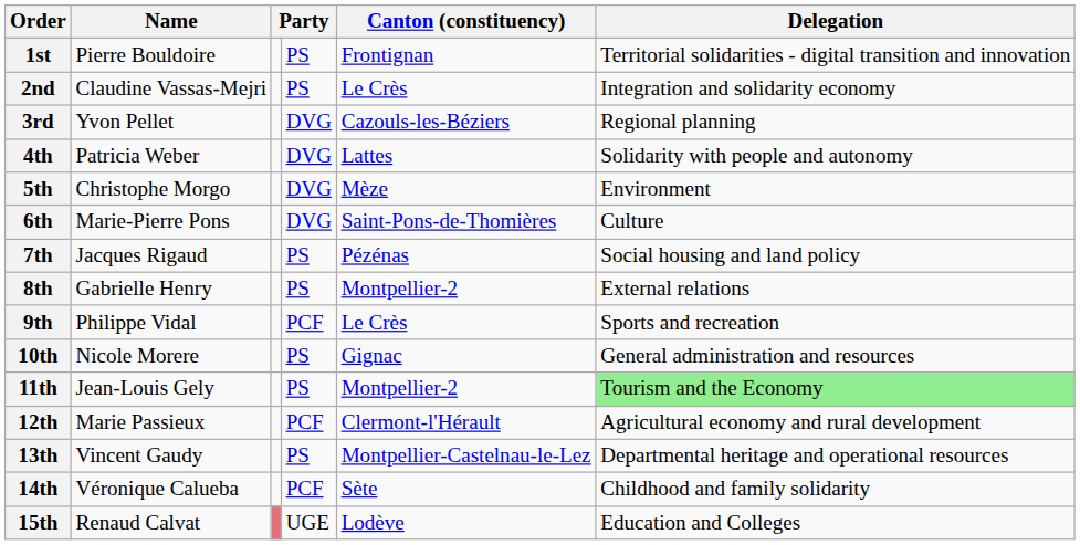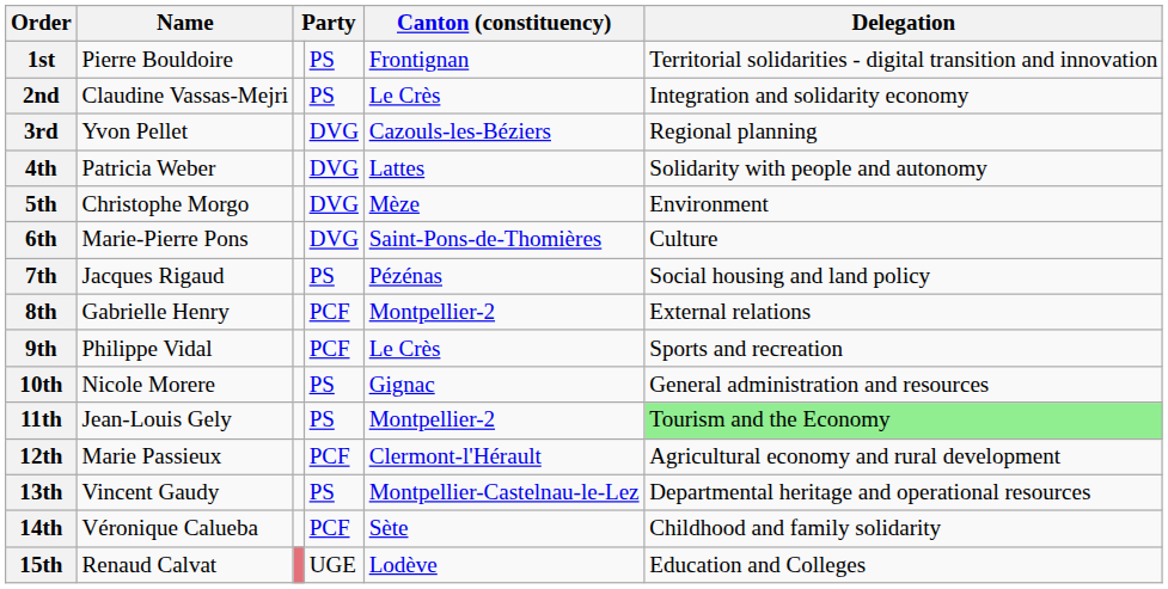 <table class="wikitable sortable">
 <tr>
 <th>Order</th>
 <th>Name</th>
 <th colspan="2">Party</th>
 <th><a href='#'>Canton</a> (constituency)</th>
 <th>Delegation</th>
 </tr>
 <tr>
 <th>1st</th>
 <td>Pierre Bouldoire</td>
 <td style="color:inherit;background:"></td>
 <td><a href='#'>PS</a></td>
 <td><a href='#'>Frontignan</a></td>
 <td>Territorial solidarities - digital transition and innovation</td>
 </tr>
 <tr>
 <th>2nd</th>
 <td>Claudine Vassas-Mejri</td>
 <td style="color:inherit;background:"></td>
 <td><a href='#'>PS</a></td>
 <td><a href='#'>Le Crès</a></td>
 <td>Integration and solidarity economy</td>
 </tr>
 <tr>
 <th>3rd</th>
 <td>Yvon Pellet</td>
 <td style="color:inherit;background:"></td>
 <td><a href='#'>DVG</a></td>
 <td><a href='#'>Cazouls-les-Béziers</a></td>
 <td>Regional planning</td>
 </tr>
 <tr>
 <th>4th</th>
 <td>Patricia Weber</td>
 <td style="color:inherit;background:"></td>
 <td><a href='#'>DVG</a></td>
 <td><a href='#'>Lattes</a></td>
 <td>Solidarity with people and autonomy</td>
 </tr>
 <tr>
 <th>5th</th>
 <td>Christophe Morgo</td>
 <td style="color:inherit;background:"></td>
 <td><a href='#'>DVG</a></td>
 <td><a href='#'>Mèze</a></td>
 <td>Environment</td>
 </tr>
 <tr>
 <th>6th</th>
 <td>Marie-Pierre Pons</td>
 <td style="color:inherit;background:"></td>
 <td><a href='#'>DVG</a></td>
 <td><a href='#'>Saint-Pons-de-Thomières</a></td>
 <td>Culture</td>
 </tr>
 <tr>
 <th>7th</th>
 <td>Jacques Rigaud</td>
 <td style="color:inherit;background:"></td>
 <td><a href='#'>PS</a></td>
 <td><a href='#'>Pézénas</a></td>
 <td>Social housing and land policy</td>
 </tr>
 <tr>
 <th>8th</th>
 <td>Gabrielle Henry</td>
 <td style="color:inherit;background:"></td>
-<td><a href='#'>PS</a></td>
+<td><a href='#'>PCF</a></td>
 <td><a href='#'>Montpellier-2</a></td>
 <td>External relations</td>
 </tr>
 <tr>
 <th>9th</th>
 <td>Philippe Vidal</td>
 <td style="color:inherit;background:"></td>
 <td><a href='#'>PCF</a></td>
 <td><a href='#'>Le Crès</a></td>
 <td>Sports and recreation</td>
 </tr>
 <tr>
 <th>10th</th>
 <td>Nicole Morere</td>
 <td style="color:inherit;background:"></td>
 <td><a href='#'>PS</a></td>
 <td><a href='#'>Gignac</a></td>
 <td>General administration and resources</td>
 </tr>
 <tr>
 <th>11th</th>
 <td>Jean-Louis Gely</td>
 <td style="color:inherit;background:"></td>
 <td><a href='#'>PS</a></td>
 <td><a href='#'>Montpellier-2</a></td>
 <td style="background: lightgreen;">Tourism and the Economy</td>
 </tr>
 <tr>
 <th>12th</th>
 <td>Marie Passieux</td>
 <td style="color:inherit;background:"></td>
 <td><a href='#'>PCF</a></td>
 <td><a href='#'>Clermont-l'Hérault</a></td>
 <td>Agricultural economy and rural development</td>
 </tr>
 <tr>
 <th>13th</th>
 <td>Vincent Gaudy</td>
 <td style="color:inherit;background:"></td>
 <td><a href='#'>PS</a></td>
 <td><a href='#'>Montpellier-Castelnau-le-Lez</a></td>
 <td>Departmental heritage and operational resources</td>
 </tr>
 <tr>
 <th>14th</th>
 <td>Véronique Calueba</td>
 <td style="color:inherit;background:"></td>
 <td><a href='#'>PCF</a></td>
 <td><a href='#'>Sète</a></td>
 <td>Childhood and family solidarity</td>
 </tr>
 <tr>
 <th>15th</th>
 <td>Renaud Calvat</td>
 <td bgcolor="#E4717A	"></td>
 <td>UGE</td>
 <td><a href='#'>Lodève</a></td>
 <td>Education and Colleges</td>
 </tr>
 </table>
